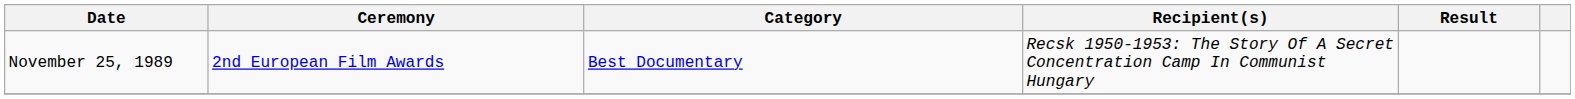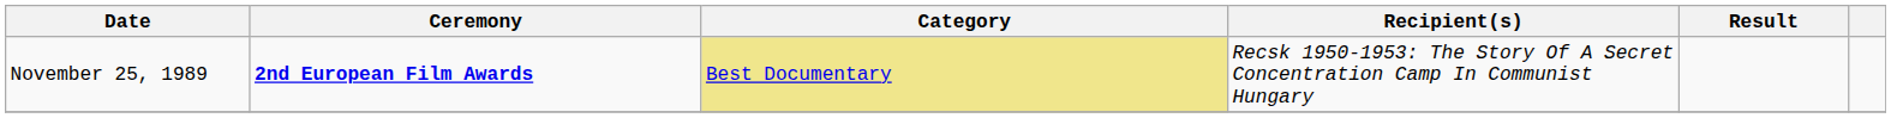 <table class="wikitable sortable plainrowheaders" style="width:100%;">
 <tr>
 <th scope="col" width="13%">Date</th>
 <th scope="col" width="24%">Ceremony</th>
 <th scope="col" width="28%">Category</th>
 <th scope="col" width="24%">Recipient(s)</th>
 <th scope="col" width="9%">Result</th>
 <th scope="col" width="3%" class="unsortable"></th>
 </tr>
 <tr>
 <td>November 25, 1989</td>
-<td><a href='#'>2nd European Film Awards</a></td>
-<td><a href='#'>Best Documentary</a></td>
+<td><strong><a href='#'>2nd European Film Awards</a></strong></td>
+<td style="background: khaki;"><a href='#'>Best Documentary</a></td>
 <td><em>Recsk 1950-1953: The Story Of A Secret Concentration Camp In Communist Hungary</em></td>
 <td></td>
 <td></td>
 </tr>
 <tr>
 </tr>
 </table>
